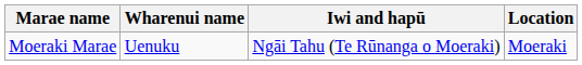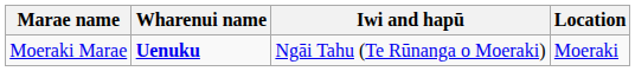 <table class="wikitable sortable">
 <tr>
 <th>Marae name</th>
 <th>Wharenui name</th>
 <th>Iwi and hapū</th>
 <th>Location</th>
 </tr>
 <tr>
 <td><a href='#'>Moeraki Marae</a></td>
-<td><a href='#'>Uenuku</a></td>
+<td><strong><a href='#'>Uenuku</a></strong></td>
 <td><a href='#'>Ngāi Tahu</a> (<a href='#'>Te Rūnanga o Moeraki</a>)</td>
 <td><a href='#'>Moeraki</a></td>
 </tr>
 <tr>
 </tr>
 </table>
